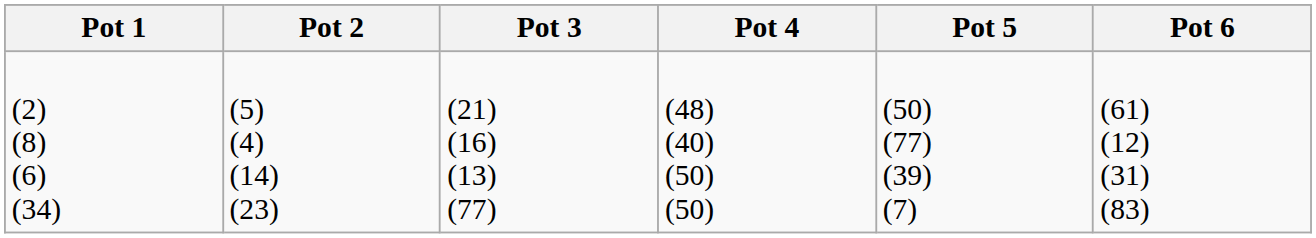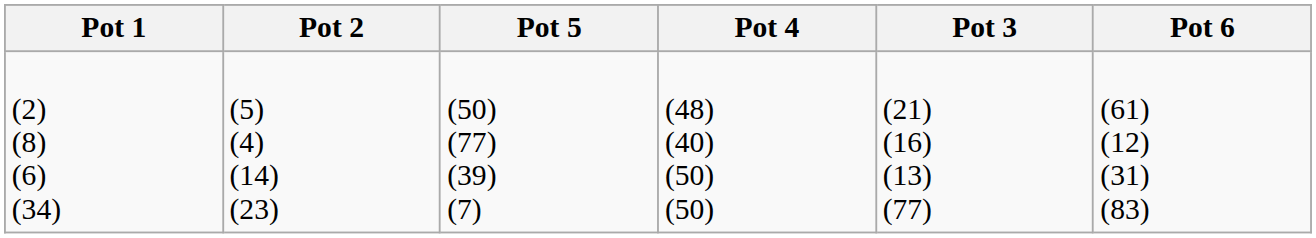 <table class="wikitable" style="width:80%;">
 <tr>
 <th width=15%><strong>Pot 1</strong></th>
 <th width=15%><strong>Pot 2</strong></th>
+<th width=15%><strong>Pot 5</strong></th>
+<th width=15%><strong>Pot 4</strong></th>
 <th width=15%><strong>Pot 3</strong></th>
-<th width=15%><strong>Pot 4</strong></th>
-<th width=15%><strong>Pot 5</strong></th>
 <th width=15%><strong>Pot 6</strong></th>
 </tr>
 <tr>
 <td><br> (2)<br>  (8)<br>  (6)<br>  (34)</td>
 <td><br> (5)<br>  (4)<br>  (14)<br>  (23)</td>
+<td><br> (50)<br>  (77)<br>  (39)<br>  (7)</td>
+<td><br> (48)<br>  (40)<br>  (50)<br>  (50)</td>
 <td><br> (21)<br>  (16)<br>  (13)<br>  (77)</td>
-<td><br> (48)<br>  (40)<br>  (50)<br>  (50)</td>
-<td><br> (50)<br>  (77)<br>  (39)<br>  (7)</td>
 <td><br> (61)<br>  (12)<br>  (31)<br>  (83)</td>
 </tr>
 </table>
